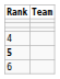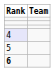 <table class="wikitable collapsible">
 <tr>
 <th style="background:white;">Rank</th>
 <th style="background:white;">Team</th>
 </tr>
 <tr>
 <td></td>
 <td></td>
 </tr>
 <tr>
 <td></td>
 <td></td>
 </tr>
 <tr>
 <td></td>
 <td></td>
 </tr>
 <tr>
-<td>4</td>
+<td style="background: lavender;">4</td>
 <td></td>
 </tr>
 <tr>
-<td><strong>5</strong></td>
+<td>5</td>
 <td></td>
 </tr>
 <tr>
-<td>6</td>
+<td><strong>6</strong></td>
 <td></td>
 </tr>
 </table>
